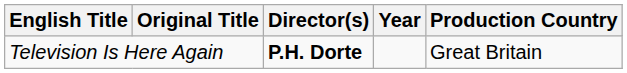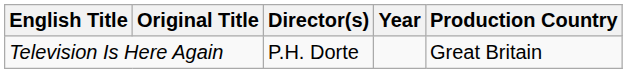 <table class="wikitable sortable">
 <tr>
 <th>English Title</th>
 <th>Original Title</th>
 <th>Director(s)</th>
 <th>Year</th>
 <th>Production Country</th>
 </tr>
 <tr>
 <td colspan="2"><em>Television Is Here Again</em></td>
-<td><strong>P.H. Dorte</strong></td>
+<td>P.H. Dorte</td>
 <td></td>
 <td>Great Britain</td>
 </tr>
 </table>
